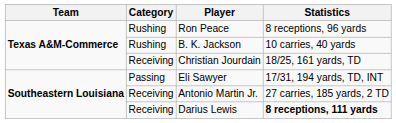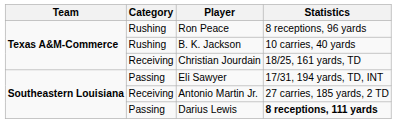 <table class="wikitable" style="float: right;">
 <tr>
 <th>Team</th>
 <th>Category</th>
 <th>Player</th>
 <th>Statistics</th>
 </tr>
 <tr>
 <td rowspan=3><strong>Texas A&M-Commerce</strong></td>
 <td>Rushing</td>
 <td>Ron Peace</td>
 <td>8 receptions, 96 yards</td>
 </tr>
 <tr>
 <td>Rushing</td>
 <td>B. K. Jackson</td>
 <td>10 carries, 40 yards</td>
 </tr>
 <tr>
 <td>Receiving</td>
 <td>Christian Jourdain</td>
 <td>18/25, 161 yards, TD</td>
 </tr>
 <tr>
 <td rowspan=3><strong>Southeastern Louisiana</strong></td>
 <td>Passing</td>
 <td>Eli Sawyer</td>
 <td>17/31, 194 yards, TD, INT</td>
 </tr>
 <tr>
 <td>Receiving</td>
 <td>Antonio Martin Jr.</td>
 <td>27 carries, 185 yards, 2 TD</td>
 </tr>
 <tr>
-<td>Receiving</td>
+<td>Passing</td>
 <td>Darius Lewis</td>
 <td><strong>8 receptions, 111 yards</strong></td>
 </tr>
 </table>
